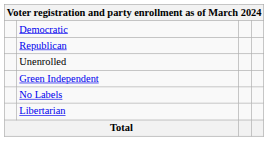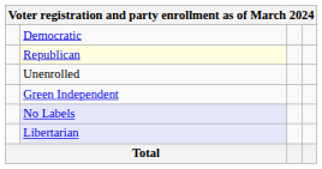 <table class=wikitable>
 <tr>
 <th colspan = 6>Voter registration and party enrollment as of March 2024</th>
 </tr>
 <tr>
 <td></td>
 <td><a href='#'>Democratic</a></td>
 <td align = center></td>
 <td align = center></td>
 </tr>
 <tr>
 <td></td>
-<td><a href='#'>Republican</a></td>
+<td style="background: lightyellow;"><a href='#'>Republican</a></td>
 <td align = center></td>
 <td align = center></td>
 </tr>
 <tr>
 <td></td>
 <td>Unenrolled</td>
 <td align = center></td>
 <td align = center></td>
 </tr>
 <tr>
 <td></td>
 <td><a href='#'>Green Independent</a></td>
 <td align = center></td>
 <td align = center></td>
 </tr>
 <tr>
 <td></td>
-<td><a href='#'>No Labels</a></td>
+<td style="background: lavender;"><a href='#'>No Labels</a></td>
 <td align = center></td>
 <td align = center></td>
 </tr>
 <tr>
 <td></td>
-<td><a href='#'>Libertarian</a></td>
+<td style="background: lavender;"><a href='#'>Libertarian</a></td>
 <td align = center></td>
 <td align = center></td>
 </tr>
 <tr>
 <th colspan = 2>Total</th>
 <th align = center></th>
 <th align = center></th>
 </tr>
 </table>
